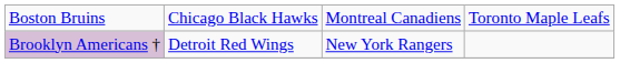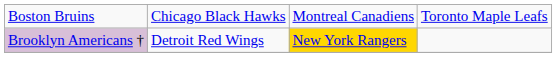 <table class="wikitable">
 <tr>
 <td><a href='#'>Boston Bruins</a></td>
 <td><a href='#'>Chicago Black Hawks</a></td>
 <td><a href='#'>Montreal Canadiens</a></td>
 <td><a href='#'>Toronto Maple Leafs</a></td>
 </tr>
 <tr>
 <td style="background-color:#D8BFD8;"><a href='#'>Brooklyn Americans</a> †</td>
 <td><a href='#'>Detroit Red Wings</a></td>
-<td><a href='#'>New York Rangers</a></td>
+<td style="background: gold;"><a href='#'>New York Rangers</a></td>
 <td> </td>
 </tr>
 <tr>
 </tr>
 </table>
